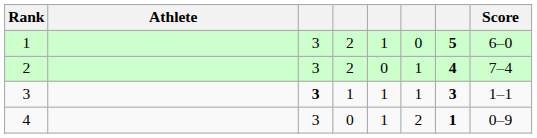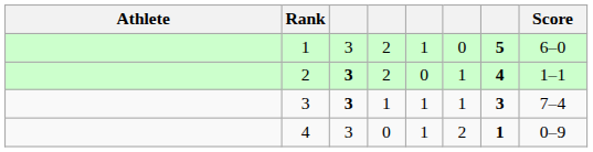 <table class="wikitable" style="text-align: center; font-size:90% ">
 <tr>
+<th width=225>Athlete</th>
 <th width=25>Rank</th>
-<th width=225>Athlete</th>
 <th width=25></th>
 <th width=25></th>
 <th width=25></th>
 <th width=25></th>
 <th width=25></th>
 <th width=50>Score</th>
 </tr>
 <tr bgcolor="ccffcc">
+<td align=left></td>
 <td>1</td>
-<td align=left></td>
 <td>3</td>
 <td>2</td>
 <td>1</td>
 <td>0</td>
 <td><strong>5</strong></td>
 <td>6–0</td>
 </tr>
 <tr bgcolor="ccffcc">
+<td align=left></td>
 <td>2</td>
-<td align=left></td>
-<td>3</td>
+<td><strong>3</strong></td>
 <td>2</td>
 <td>0</td>
 <td>1</td>
 <td><strong>4</strong></td>
-<td>7–4</td>
+<td>1–1</td>
 </tr>
 <tr>
+<td align=left></td>
 <td>3</td>
-<td align=left></td>
 <td><strong>3</strong></td>
 <td>1</td>
 <td>1</td>
 <td>1</td>
 <td><strong>3</strong></td>
-<td>1–1</td>
+<td>7–4</td>
 </tr>
 <tr>
+<td align=left></td>
 <td>4</td>
-<td align=left></td>
 <td>3</td>
 <td>0</td>
 <td>1</td>
 <td>2</td>
 <td><strong>1</strong></td>
 <td>0–9</td>
 </tr>
 </table>
